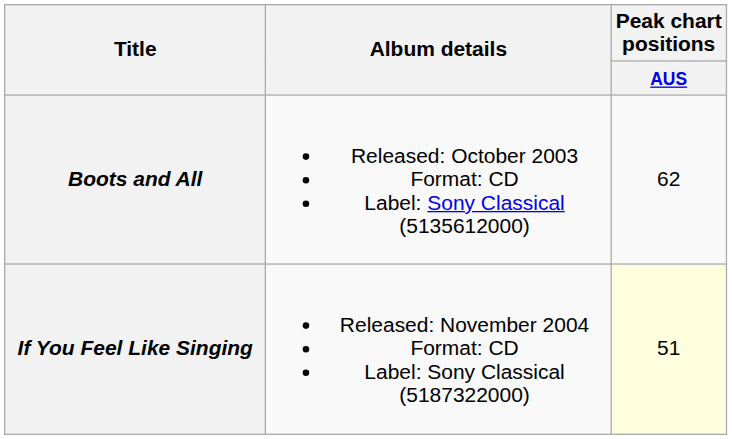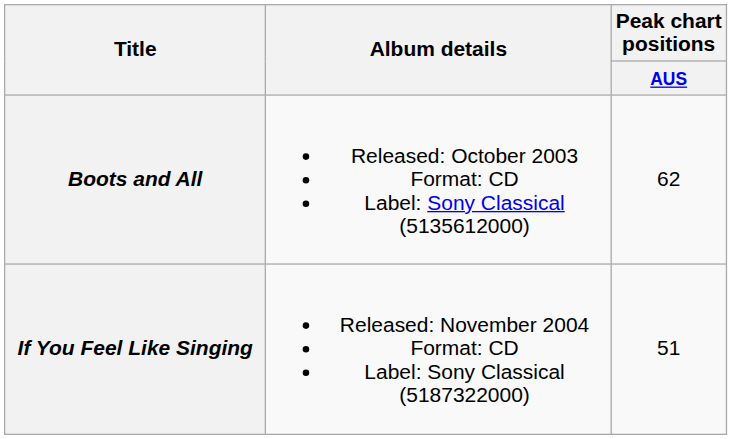 <table class="wikitable plainrowheaders" style="text-align:center;" border="1">
 <tr>
 <th scope="col" rowspan="2" style="width:12em;">Title</th>
 <th scope="col" rowspan="2" style="width:16em;">Album details</th>
 <th scope="col" colspan="1">Peak chart<br>positions</th>
 </tr>
 <tr>
 <th scope="col" style="text-align:center;"><small><a href='#'>AUS</a></small><br></th>
 </tr>
 <tr>
 <th scope="row"><em>Boots and All</em></th>
 <td><br><ul><li>Released: October 2003</li><li>Format: CD</li><li>Label: <a href='#'>Sony Classical</a> (5135612000)</li></ul></td>
 <td align="center">62</td>
 </tr>
 <tr>
 <th scope="row"><em>If You Feel Like Singing</em></th>
 <td><br><ul><li>Released: November 2004</li><li>Format: CD</li><li>Label: Sony Classical	(5187322000)</li></ul></td>
-<td align="center" style="background: lightyellow;">51</td>
+<td align="center">51</td>
 </tr>
 </table>
